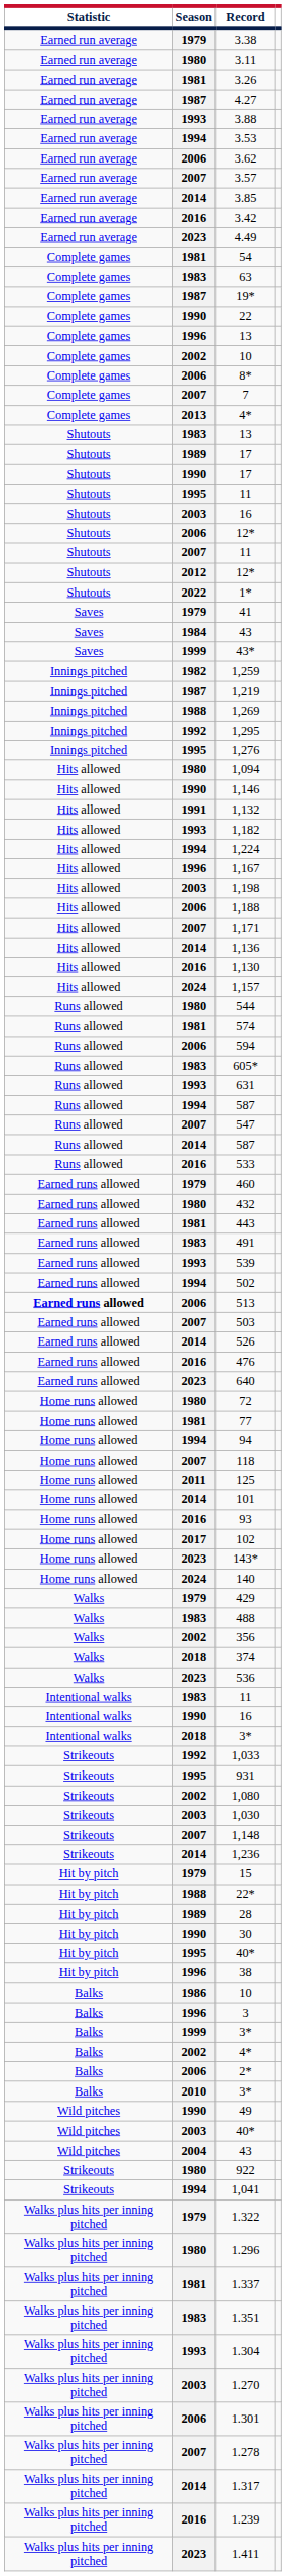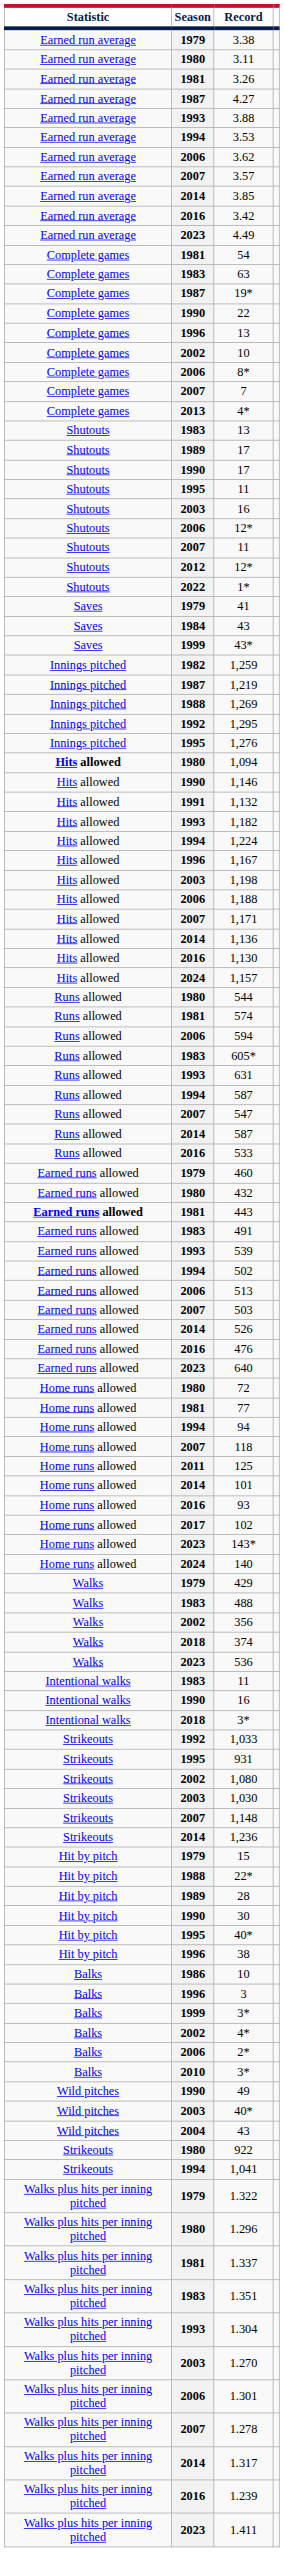 <table class="wikitable sortable plainrowheaders" style="text-align:center">
 <tr>
 <th width="210px" scope="col" style="background-color:#ffffff; border-top:#c8102e 5px solid; border-bottom:#071d49 5px solid; color:#071d49">Statistic</th>
 <th scope="col" style="background-color:#ffffff; border-top:#c8102e 5px solid; border-bottom:#071d49 5px solid; color:#071d49">Season</th>
 <th width="70px" class="unsortable" scope="col" style="background-color:#ffffff; border-top:#c8102e 5px solid; border-bottom:#071d49 5px solid; color:#071d49">Record</th>
 <th class="unsortable" scope="col" style="background-color:#ffffff; border-top:#c8102e 5px solid; border-bottom:#071d49 5px solid; color:#071d49"></th>
 </tr>
 <tr>
 <td><a href='#'>Earned run average</a></td>
 <th scope="row" style="text-align:center">1979</th>
 <td>3.38</td>
 <td></td>
 </tr>
 <tr>
 <td><a href='#'>Earned run average</a></td>
 <th scope="row" style="text-align:center">1980</th>
 <td>3.11</td>
 <td></td>
 </tr>
 <tr>
 <td><a href='#'>Earned run average</a></td>
 <th scope="row" style="text-align:center">1981</th>
 <td>3.26</td>
 <td></td>
 </tr>
 <tr>
 <td><a href='#'>Earned run average</a></td>
 <th scope="row" style="text-align:center">1987</th>
 <td>4.27</td>
 <td></td>
 </tr>
 <tr>
 <td><a href='#'>Earned run average</a></td>
 <th scope="row" style="text-align:center">1993</th>
 <td>3.88</td>
 <td></td>
 </tr>
 <tr>
 <td><a href='#'>Earned run average</a></td>
 <th scope="row" style="text-align:center">1994</th>
 <td>3.53</td>
 <td></td>
 </tr>
 <tr>
 <td><a href='#'>Earned run average</a></td>
 <th scope="row" style="text-align:center">2006</th>
 <td>3.62</td>
 <td></td>
 </tr>
 <tr>
 <td><a href='#'>Earned run average</a></td>
 <th scope="row" style="text-align:center">2007</th>
 <td>3.57</td>
 <td></td>
 </tr>
 <tr>
 <td><a href='#'>Earned run average</a></td>
 <th scope="row" style="text-align:center">2014</th>
 <td>3.85</td>
 <td></td>
 </tr>
 <tr>
 <td><a href='#'>Earned run average</a></td>
 <th scope="row" style="text-align:center">2016</th>
 <td>3.42</td>
 <td></td>
 </tr>
 <tr>
 <td><a href='#'>Earned run average</a></td>
 <th scope="row" style="text-align:center">2023</th>
 <td>4.49</td>
 <td></td>
 </tr>
 <tr>
 <td><a href='#'>Complete games</a></td>
 <th scope="row" style="text-align:center">1981</th>
 <td>54</td>
 <td></td>
 </tr>
 <tr>
 <td><a href='#'>Complete games</a></td>
 <th scope="row" style="text-align:center">1983</th>
 <td>63</td>
 <td></td>
 </tr>
 <tr>
 <td><a href='#'>Complete games</a></td>
 <th scope="row" style="text-align:center">1987</th>
 <td>19*</td>
 <td></td>
 </tr>
 <tr>
 <td><a href='#'>Complete games</a></td>
 <th scope="row" style="text-align:center">1990</th>
 <td>22</td>
 <td></td>
 </tr>
 <tr>
 <td><a href='#'>Complete games</a></td>
 <th scope="row" style="text-align:center">1996</th>
 <td>13</td>
 <td></td>
 </tr>
 <tr>
 <td><a href='#'>Complete games</a></td>
 <th scope="row" style="text-align:center">2002</th>
 <td>10</td>
 <td></td>
 </tr>
 <tr>
 <td><a href='#'>Complete games</a></td>
 <th scope="row" style="text-align:center">2006</th>
 <td>8*</td>
 <td></td>
 </tr>
 <tr>
 <td><a href='#'>Complete games</a></td>
 <th scope="row" style="text-align:center">2007</th>
 <td>7</td>
 <td></td>
 </tr>
 <tr>
 <td><a href='#'>Complete games</a></td>
 <th scope="row" style="text-align:center">2013</th>
 <td>4*</td>
 <td></td>
 </tr>
 <tr>
 <td><a href='#'>Shutouts</a></td>
 <th scope="row" style="text-align:center">1983</th>
 <td>13</td>
 <td></td>
 </tr>
 <tr>
 <td><a href='#'>Shutouts</a></td>
 <th scope="row" style="text-align:center">1989</th>
 <td>17</td>
 <td></td>
 </tr>
 <tr>
 <td><a href='#'>Shutouts</a></td>
 <th scope="row" style="text-align:center">1990</th>
 <td>17</td>
 <td></td>
 </tr>
 <tr>
 <td><a href='#'>Shutouts</a></td>
 <th scope="row" style="text-align:center">1995</th>
 <td>11</td>
 <td></td>
 </tr>
 <tr>
 <td><a href='#'>Shutouts</a></td>
 <th scope="row" style="text-align:center">2003</th>
 <td>16</td>
 <td></td>
 </tr>
 <tr>
 <td><a href='#'>Shutouts</a></td>
 <th scope="row" style="text-align:center">2006</th>
 <td>12*</td>
 <td></td>
 </tr>
 <tr>
 <td><a href='#'>Shutouts</a></td>
 <th scope="row" style="text-align:center">2007</th>
 <td>11</td>
 <td></td>
 </tr>
 <tr>
 <td><a href='#'>Shutouts</a></td>
 <th scope="row" style="text-align:center">2012</th>
 <td>12*</td>
 <td></td>
 </tr>
 <tr>
 <td><a href='#'>Shutouts</a></td>
 <th scope="row" style="text-align:center">2022</th>
 <td>1*</td>
 <td></td>
 </tr>
 <tr>
 <td><a href='#'>Saves</a></td>
 <th scope="row" style="text-align:center">1979</th>
 <td>41</td>
 <td></td>
 </tr>
 <tr>
 <td><a href='#'>Saves</a></td>
 <th scope="row" style="text-align:center">1984</th>
 <td>43</td>
 <td></td>
 </tr>
 <tr>
 <td><a href='#'>Saves</a></td>
 <th scope="row" style="text-align:center">1999</th>
 <td>43*</td>
 <td></td>
 </tr>
 <tr>
 <td><a href='#'>Innings pitched</a></td>
 <th scope="row" style="text-align:center">1982</th>
 <td>1,259</td>
 <td></td>
 </tr>
 <tr>
 <td><a href='#'>Innings pitched</a></td>
 <th scope="row" style="text-align:center">1987</th>
 <td>1,219</td>
 <td></td>
 </tr>
 <tr>
 <td><a href='#'>Innings pitched</a></td>
 <th scope="row" style="text-align:center">1988</th>
 <td>1,269</td>
 <td></td>
 </tr>
 <tr>
 <td><a href='#'>Innings pitched</a></td>
 <th scope="row" style="text-align:center">1992</th>
 <td>1,295</td>
 <td></td>
 </tr>
 <tr>
 <td><a href='#'>Innings pitched</a></td>
 <th scope="row" style="text-align:center">1995</th>
 <td>1,276</td>
 <td></td>
 </tr>
 <tr>
-<td><a href='#'>Hits</a> allowed</td>
+<td><strong><a href='#'>Hits</a> allowed</strong></td>
 <th scope="row" style="text-align:center">1980</th>
 <td>1,094</td>
 <td></td>
 </tr>
 <tr>
 <td><a href='#'>Hits</a> allowed</td>
 <th scope="row" style="text-align:center">1990</th>
 <td>1,146</td>
 <td></td>
 </tr>
 <tr>
 <td><a href='#'>Hits</a> allowed</td>
 <th scope="row" style="text-align:center">1991</th>
 <td>1,132</td>
 <td></td>
 </tr>
 <tr>
 <td><a href='#'>Hits</a> allowed</td>
 <th scope="row" style="text-align:center">1993</th>
 <td>1,182</td>
 <td></td>
 </tr>
 <tr>
 <td><a href='#'>Hits</a> allowed</td>
 <th scope="row" style="text-align:center">1994</th>
 <td>1,224</td>
 <td></td>
 </tr>
 <tr>
 <td><a href='#'>Hits</a> allowed</td>
 <th scope="row" style="text-align:center">1996</th>
 <td>1,167</td>
 <td></td>
 </tr>
 <tr>
 <td><a href='#'>Hits</a> allowed</td>
 <th scope="row" style="text-align:center">2003</th>
 <td>1,198</td>
 <td></td>
 </tr>
 <tr>
 <td><a href='#'>Hits</a> allowed</td>
 <th scope="row" style="text-align:center">2006</th>
 <td>1,188</td>
 <td></td>
 </tr>
 <tr>
 <td><a href='#'>Hits</a> allowed</td>
 <th scope="row" style="text-align:center">2007</th>
 <td>1,171</td>
 <td></td>
 </tr>
 <tr>
 <td><a href='#'>Hits</a> allowed</td>
 <th scope="row" style="text-align:center">2014</th>
 <td>1,136</td>
 <td></td>
 </tr>
 <tr>
 <td><a href='#'>Hits</a> allowed</td>
 <th scope="row" style="text-align:center">2016</th>
 <td>1,130</td>
 <td></td>
 </tr>
 <tr>
 <td><a href='#'>Hits</a> allowed</td>
 <th scope="row" style="text-align:center">2024</th>
 <td>1,157</td>
 <td></td>
 </tr>
 <tr>
 <td><a href='#'>Runs</a> allowed</td>
 <th scope="row" style="text-align:center">1980</th>
 <td>544</td>
 <td></td>
 </tr>
 <tr>
 <td><a href='#'>Runs</a> allowed</td>
 <th scope="row" style="text-align:center">1981</th>
 <td>574</td>
 <td></td>
 </tr>
 <tr>
 <td><a href='#'>Runs</a> allowed</td>
 <th scope="row" style="text-align:center">2006</th>
 <td>594</td>
 <td></td>
 </tr>
 <tr>
 <td><a href='#'>Runs</a> allowed</td>
 <th scope="row" style="text-align:center">1983</th>
 <td>605*</td>
 <td></td>
 </tr>
 <tr>
 <td><a href='#'>Runs</a> allowed</td>
 <th scope="row" style="text-align:center">1993</th>
 <td>631</td>
 <td></td>
 </tr>
 <tr>
 <td><a href='#'>Runs</a> allowed</td>
 <th scope="row" style="text-align:center">1994</th>
 <td>587</td>
 <td></td>
 </tr>
 <tr>
 <td><a href='#'>Runs</a> allowed</td>
 <th scope="row" style="text-align:center">2007</th>
 <td>547</td>
 <td></td>
 </tr>
 <tr>
 <td><a href='#'>Runs</a> allowed</td>
 <th scope="row" style="text-align:center">2014</th>
 <td>587</td>
 <td></td>
 </tr>
 <tr>
 <td><a href='#'>Runs</a> allowed</td>
 <th scope="row" style="text-align:center">2016</th>
 <td>533</td>
 <td></td>
 </tr>
 <tr>
 <td><a href='#'>Earned runs</a> allowed</td>
 <th scope="row" style="text-align:center">1979</th>
 <td>460</td>
 <td></td>
 </tr>
 <tr>
 <td><a href='#'>Earned runs</a> allowed</td>
 <th scope="row" style="text-align:center">1980</th>
 <td>432</td>
 <td></td>
 </tr>
 <tr>
-<td><a href='#'>Earned runs</a> allowed</td>
+<td><strong><a href='#'>Earned runs</a> allowed</strong></td>
 <th scope="row" style="text-align:center">1981</th>
 <td>443</td>
 <td></td>
 </tr>
 <tr>
 <td><a href='#'>Earned runs</a> allowed</td>
 <th scope="row" style="text-align:center">1983</th>
 <td>491</td>
 <td></td>
 </tr>
 <tr>
 <td><a href='#'>Earned runs</a> allowed</td>
 <th scope="row" style="text-align:center">1993</th>
 <td>539</td>
 <td></td>
 </tr>
 <tr>
 <td><a href='#'>Earned runs</a> allowed</td>
 <th scope="row" style="text-align:center">1994</th>
 <td>502</td>
 <td></td>
 </tr>
 <tr>
-<td><strong><a href='#'>Earned runs</a> allowed</strong></td>
+<td><a href='#'>Earned runs</a> allowed</td>
 <th scope="row" style="text-align:center">2006</th>
 <td>513</td>
 <td></td>
 </tr>
 <tr>
 <td><a href='#'>Earned runs</a> allowed</td>
 <th scope="row" style="text-align:center">2007</th>
 <td>503</td>
 <td></td>
 </tr>
 <tr>
 <td><a href='#'>Earned runs</a> allowed</td>
 <th scope="row" style="text-align:center">2014</th>
 <td>526</td>
 <td></td>
 </tr>
 <tr>
 <td><a href='#'>Earned runs</a> allowed</td>
 <th scope="row" style="text-align:center">2016</th>
 <td>476</td>
 <td></td>
 </tr>
 <tr>
 <td><a href='#'>Earned runs</a> allowed</td>
 <th scope="row" style="text-align:center">2023</th>
 <td>640</td>
 <td></td>
 </tr>
 <tr>
 <td><a href='#'>Home runs</a> allowed</td>
 <th scope="row" style="text-align:center">1980</th>
 <td>72</td>
 <td></td>
 </tr>
 <tr>
 <td><a href='#'>Home runs</a> allowed</td>
 <th scope="row" style="text-align:center">1981</th>
 <td>77</td>
 <td></td>
 </tr>
 <tr>
 <td><a href='#'>Home runs</a> allowed</td>
 <th scope="row" style="text-align:center">1994</th>
 <td>94</td>
 <td></td>
 </tr>
 <tr>
 <td><a href='#'>Home runs</a> allowed</td>
 <th scope="row" style="text-align:center">2007</th>
 <td>118</td>
 <td></td>
 </tr>
 <tr>
 <td><a href='#'>Home runs</a> allowed</td>
 <th scope="row" style="text-align:center">2011</th>
 <td>125</td>
 <td></td>
 </tr>
 <tr>
 <td><a href='#'>Home runs</a> allowed</td>
 <th scope="row" style="text-align:center">2014</th>
 <td>101</td>
 <td></td>
 </tr>
 <tr>
 <td><a href='#'>Home runs</a> allowed</td>
 <th scope="row" style="text-align:center">2016</th>
 <td>93</td>
 <td></td>
 </tr>
 <tr>
 <td><a href='#'>Home runs</a> allowed</td>
 <th scope="row" style="text-align:center">2017</th>
 <td>102</td>
 <td></td>
 </tr>
 <tr>
 <td><a href='#'>Home runs</a> allowed</td>
 <th scope="row" style="text-align:center">2023</th>
 <td>143*</td>
 <td></td>
 </tr>
 <tr>
 <td><a href='#'>Home runs</a> allowed</td>
 <th scope="row" style="text-align:center">2024</th>
 <td>140</td>
 <td></td>
 </tr>
 <tr>
 <td><a href='#'>Walks</a></td>
 <th scope="row" style="text-align:center">1979</th>
 <td>429</td>
 <td></td>
 </tr>
 <tr>
 <td><a href='#'>Walks</a></td>
 <th scope="row" style="text-align:center">1983</th>
 <td>488</td>
 <td></td>
 </tr>
 <tr>
 <td><a href='#'>Walks</a></td>
 <th scope="row" style="text-align:center">2002</th>
 <td>356</td>
 <td></td>
 </tr>
 <tr>
 <td><a href='#'>Walks</a></td>
 <th scope="row" style="text-align:center">2018</th>
 <td>374</td>
 <td></td>
 </tr>
 <tr>
 <td><a href='#'>Walks</a></td>
 <th scope="row" style="text-align:center">2023</th>
 <td>536</td>
 <td></td>
 </tr>
 <tr>
 <td><a href='#'>Intentional walks</a></td>
 <th scope="row" style="text-align:center">1983</th>
 <td>11</td>
 <td></td>
 </tr>
 <tr>
 <td><a href='#'>Intentional walks</a></td>
 <th scope="row" style="text-align:center">1990</th>
 <td>16</td>
 <td></td>
 </tr>
 <tr>
 <td><a href='#'>Intentional walks</a></td>
 <th scope="row" style="text-align:center">2018</th>
 <td>3*</td>
 <td></td>
 </tr>
 <tr>
 <td><a href='#'>Strikeouts</a></td>
 <th scope="row" style="text-align:center">1992</th>
 <td>1,033</td>
 <td></td>
 </tr>
 <tr>
 <td><a href='#'>Strikeouts</a></td>
 <th scope="row" style="text-align:center">1995</th>
 <td>931</td>
 <td></td>
 </tr>
 <tr>
 <td><a href='#'>Strikeouts</a></td>
 <th scope="row" style="text-align:center">2002</th>
 <td>1,080</td>
 <td></td>
 </tr>
 <tr>
 <td><a href='#'>Strikeouts</a></td>
 <th scope="row" style="text-align:center">2003</th>
 <td>1,030</td>
 <td></td>
 </tr>
 <tr>
 <td><a href='#'>Strikeouts</a></td>
 <th scope="row" style="text-align:center">2007</th>
 <td>1,148</td>
 <td></td>
 </tr>
 <tr>
 <td><a href='#'>Strikeouts</a></td>
 <th scope="row" style="text-align:center">2014</th>
 <td>1,236</td>
 <td></td>
 </tr>
 <tr>
 <td><a href='#'>Hit by pitch</a></td>
 <th scope="row" style="text-align:center">1979</th>
 <td>15</td>
 <td></td>
 </tr>
 <tr>
 <td><a href='#'>Hit by pitch</a></td>
 <th scope="row" style="text-align:center">1988</th>
 <td>22*</td>
 <td></td>
 </tr>
 <tr>
 <td><a href='#'>Hit by pitch</a></td>
 <th scope="row" style="text-align:center">1989</th>
 <td>28</td>
 <td></td>
 </tr>
 <tr>
 <td><a href='#'>Hit by pitch</a></td>
 <th scope="row" style="text-align:center">1990</th>
 <td>30</td>
 <td></td>
 </tr>
 <tr>
 <td><a href='#'>Hit by pitch</a></td>
 <th scope="row" style="text-align:center">1995</th>
 <td>40*</td>
 <td></td>
 </tr>
 <tr>
 <td><a href='#'>Hit by pitch</a></td>
 <th scope="row" style="text-align:center">1996</th>
 <td>38</td>
 <td></td>
 </tr>
 <tr>
 <td><a href='#'>Balks</a></td>
 <th scope="row" style="text-align:center">1986</th>
 <td>10</td>
 <td></td>
 </tr>
 <tr>
 <td><a href='#'>Balks</a></td>
 <th scope="row" style="text-align:center">1996</th>
 <td>3</td>
 <td></td>
 </tr>
 <tr>
 <td><a href='#'>Balks</a></td>
 <th scope="row" style="text-align:center">1999</th>
 <td>3*</td>
 <td></td>
 </tr>
 <tr>
 <td><a href='#'>Balks</a></td>
 <th scope="row" style="text-align:center">2002</th>
 <td>4*</td>
 <td></td>
 </tr>
 <tr>
 <td><a href='#'>Balks</a></td>
 <th scope="row" style="text-align:center">2006</th>
 <td>2*</td>
 <td></td>
 </tr>
 <tr>
 <td><a href='#'>Balks</a></td>
 <th scope="row" style="text-align:center">2010</th>
 <td>3*</td>
 <td></td>
 </tr>
 <tr>
 <td><a href='#'>Wild pitches</a></td>
 <th scope="row" style="text-align:center">1990</th>
 <td>49</td>
 <td></td>
 </tr>
 <tr>
 <td><a href='#'>Wild pitches</a></td>
 <th scope="row" style="text-align:center">2003</th>
 <td>40*</td>
 <td></td>
 </tr>
 <tr>
 <td><a href='#'>Wild pitches</a></td>
 <th scope="row" style="text-align:center">2004</th>
 <td>43</td>
 <td></td>
 </tr>
 <tr>
 <td><a href='#'>Strikeouts</a></td>
 <th scope="row" style="text-align:center">1980</th>
 <td>922</td>
 <td></td>
 </tr>
 <tr>
 <td><a href='#'>Strikeouts</a></td>
 <th scope="row" style="text-align:center">1994</th>
 <td>1,041</td>
 <td></td>
 </tr>
 <tr>
 <td><a href='#'>Walks plus hits per inning pitched</a></td>
 <th scope="row" style="text-align:center">1979</th>
 <td>1.322</td>
 <td></td>
 </tr>
 <tr>
 <td><a href='#'>Walks plus hits per inning pitched</a></td>
 <th scope="row" style="text-align:center">1980</th>
 <td>1.296</td>
 <td></td>
 </tr>
 <tr>
 <td><a href='#'>Walks plus hits per inning pitched</a></td>
 <th scope="row" style="text-align:center">1981</th>
 <td>1.337</td>
 <td></td>
 </tr>
 <tr>
 <td><a href='#'>Walks plus hits per inning pitched</a></td>
 <th scope="row" style="text-align:center">1983</th>
 <td>1.351</td>
 <td></td>
 </tr>
 <tr>
 <td><a href='#'>Walks plus hits per inning pitched</a></td>
 <th scope="row" style="text-align:center">1993</th>
 <td>1.304</td>
 <td></td>
 </tr>
 <tr>
 <td><a href='#'>Walks plus hits per inning pitched</a></td>
 <th scope="row" style="text-align:center">2003</th>
 <td>1.270</td>
 <td></td>
 </tr>
 <tr>
 <td><a href='#'>Walks plus hits per inning pitched</a></td>
 <th scope="row" style="text-align:center">2006</th>
 <td>1.301</td>
 <td></td>
 </tr>
 <tr>
 <td><a href='#'>Walks plus hits per inning pitched</a></td>
 <th scope="row" style="text-align:center">2007</th>
 <td>1.278</td>
 <td></td>
 </tr>
 <tr>
 <td><a href='#'>Walks plus hits per inning pitched</a></td>
 <th scope="row" style="text-align:center">2014</th>
 <td>1.317</td>
 <td></td>
 </tr>
 <tr>
 <td><a href='#'>Walks plus hits per inning pitched</a></td>
 <th scope="row" style="text-align:center">2016</th>
 <td>1.239</td>
 <td></td>
 </tr>
 <tr>
 <td><a href='#'>Walks plus hits per inning pitched</a></td>
 <th scope="row" style="text-align:center">2023</th>
 <td>1.411</td>
 <td></td>
 </tr>
 </table>
